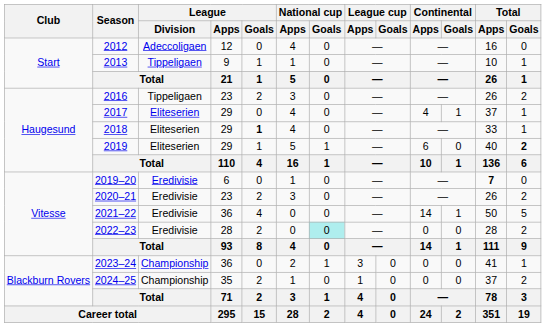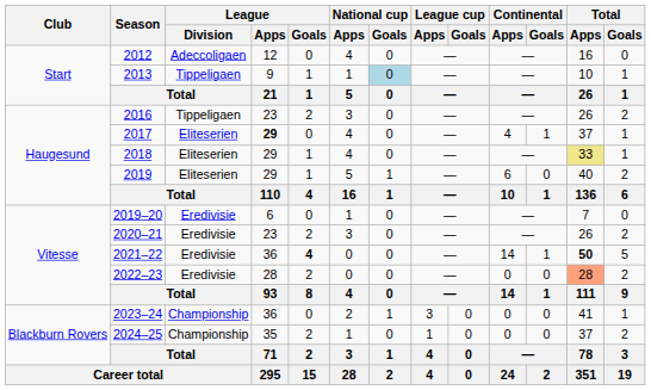 <table class="wikitable" style="text-align: center">
 <tr>
 <th rowspan="2">Club</th>
 <th rowspan="2">Season</th>
 <th colspan="3">League</th>
 <th colspan="2">National cup</th>
 <th colspan="2">League cup</th>
 <th colspan="2">Continental</th>
 <th colspan="2">Total</th>
 </tr>
 <tr>
 <th>Division</th>
 <th>Apps</th>
 <th>Goals</th>
 <th>Apps</th>
 <th>Goals</th>
 <th>Apps</th>
 <th>Goals</th>
 <th>Apps</th>
 <th>Goals</th>
 <th>Apps</th>
 <th>Goals</th>
 </tr>
 <tr>
 <td rowspan="3"><a href='#'>Start</a></td>
 <td><a href='#'>2012</a></td>
 <td><a href='#'>Adeccoligaen</a></td>
 <td>12</td>
 <td>0</td>
 <td>4</td>
 <td>0</td>
 <td colspan="2">—</td>
 <td colspan="2">—</td>
 <td>16</td>
 <td>0</td>
 </tr>
 <tr>
 <td><a href='#'>2013</a></td>
 <td><a href='#'>Tippeligaen</a></td>
 <td>9</td>
 <td>1</td>
 <td>1</td>
-<td>0</td>
+<td style="background: lightblue;">0</td>
 <td colspan="2">—</td>
 <td colspan="2">—</td>
 <td>10</td>
 <td>1</td>
 </tr>
 <tr>
 <th colspan="2">Total</th>
 <th>21</th>
 <th>1</th>
 <th>5</th>
 <th>0</th>
 <th colspan="2">—</th>
 <th colspan="2">—</th>
 <th>26</th>
 <th>1</th>
 </tr>
 <tr>
 <td rowspan="5"><a href='#'>Haugesund</a></td>
 <td><a href='#'>2016</a></td>
 <td>Tippeligaen</td>
 <td>23</td>
 <td>2</td>
 <td>3</td>
 <td>0</td>
 <td colspan="2">—</td>
 <td colspan="2">—</td>
 <td>26</td>
 <td>2</td>
 </tr>
 <tr>
 <td><a href='#'>2017</a></td>
 <td><a href='#'>Eliteserien</a></td>
-<td>29</td>
+<td><strong>29</strong></td>
 <td>0</td>
 <td>4</td>
 <td>0</td>
 <td colspan="2">—</td>
 <td>4</td>
 <td>1</td>
 <td>37</td>
 <td>1</td>
 </tr>
 <tr>
 <td><a href='#'>2018</a></td>
 <td>Eliteserien</td>
 <td>29</td>
-<td><strong>1</strong></td>
+<td>1</td>
 <td>4</td>
 <td>0</td>
 <td colspan="2">—</td>
 <td colspan="2">—</td>
-<td>33</td>
+<td style="background: khaki;">33</td>
 <td>1</td>
 </tr>
 <tr>
 <td><a href='#'>2019</a></td>
 <td>Eliteserien</td>
 <td>29</td>
 <td>1</td>
 <td>5</td>
 <td>1</td>
 <td colspan="2">—</td>
 <td>6</td>
 <td>0</td>
 <td>40</td>
-<td><strong>2</strong></td>
+<td>2</td>
 </tr>
 <tr>
 <th colspan="2">Total</th>
 <th>110</th>
 <th>4</th>
 <th>16</th>
 <th>1</th>
 <th colspan="2">—</th>
 <th>10</th>
 <th>1</th>
 <th>136</th>
 <th>6</th>
 </tr>
 <tr>
 <td rowspan="5"><a href='#'>Vitesse</a></td>
 <td><a href='#'>2019–20</a></td>
 <td><a href='#'>Eredivisie</a></td>
 <td>6</td>
 <td>0</td>
 <td>1</td>
 <td>0</td>
 <td colspan="2">—</td>
 <td colspan="2">—</td>
-<td><strong>7</strong></td>
+<td>7</td>
 <td>0</td>
 </tr>
 <tr>
 <td><a href='#'>2020–21</a></td>
 <td>Eredivisie</td>
 <td>23</td>
 <td>2</td>
 <td>3</td>
 <td>0</td>
 <td colspan="2">—</td>
 <td colspan="2">—</td>
 <td>26</td>
 <td>2</td>
 </tr>
 <tr>
 <td><a href='#'>2021–22</a></td>
 <td>Eredivisie</td>
 <td>36</td>
-<td>4</td>
+<td><strong>4</strong></td>
 <td>0</td>
 <td>0</td>
 <td colspan="2">—</td>
 <td>14</td>
 <td>1</td>
-<td>50</td>
+<td><strong>50</strong></td>
 <td>5</td>
 </tr>
 <tr>
 <td><a href='#'>2022–23</a></td>
 <td>Eredivisie</td>
 <td>28</td>
 <td>2</td>
 <td>0</td>
-<td style="background: paleturquoise;">0</td>
+<td>0</td>
 <td colspan="2">—</td>
 <td>0</td>
 <td>0</td>
-<td>28</td>
+<td style="background: lightsalmon;">28</td>
 <td>2</td>
 </tr>
 <tr>
 <th colspan="2">Total</th>
 <th>93</th>
 <th>8</th>
 <th>4</th>
 <th>0</th>
 <th colspan="2">—</th>
 <th>14</th>
 <th>1</th>
 <th>111</th>
 <th>9</th>
 </tr>
 <tr>
 <td rowspan="3"><a href='#'>Blackburn Rovers</a></td>
 <td><a href='#'>2023–24</a></td>
 <td><a href='#'>Championship</a></td>
 <td>36</td>
 <td>0</td>
 <td>2</td>
 <td>1</td>
 <td>3</td>
 <td>0</td>
 <td>0</td>
 <td>0</td>
 <td>41</td>
 <td>1</td>
 </tr>
 <tr>
 <td><a href='#'>2024–25</a></td>
 <td>Championship</td>
 <td>35</td>
 <td>2</td>
 <td>1</td>
 <td>0</td>
 <td>1</td>
 <td>0</td>
 <td>0</td>
 <td>0</td>
 <td>37</td>
 <td>2</td>
 </tr>
 <tr>
 <th colspan="2">Total</th>
 <th>71</th>
 <th>2</th>
 <th>3</th>
 <th>1</th>
 <th>4</th>
 <th>0</th>
 <th colspan="2">—</th>
 <th>78</th>
 <th>3</th>
 </tr>
 <tr>
 <th colspan="3">Career total</th>
 <th>295</th>
 <th>15</th>
 <th>28</th>
 <th>2</th>
 <th>4</th>
 <th>0</th>
 <th>24</th>
 <th>2</th>
 <th>351</th>
 <th>19</th>
 </tr>
 </table>
